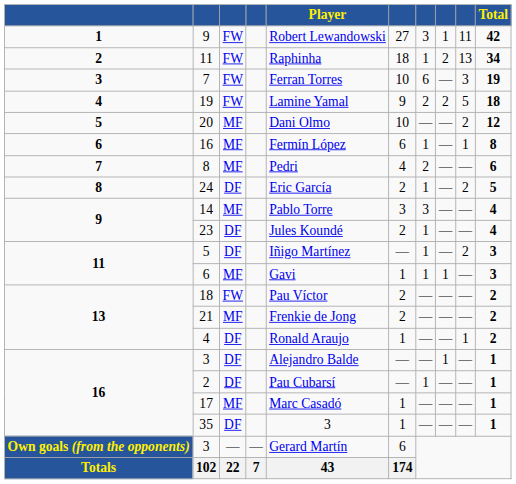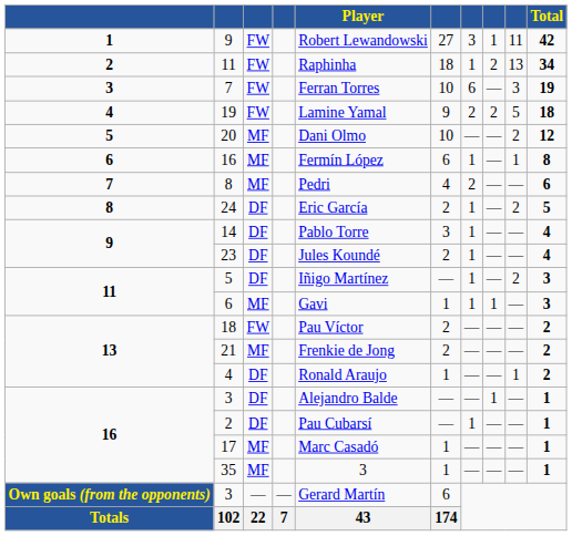 <table class="wikitable" style="text-align:center">
 <tr>
 <th style="background:#26559B;color:#FFF000;"></th>
 <th style="background:#26559B;color:#FFF000;"></th>
 <th style="background:#26559B;color:#FFF000;"></th>
 <th style="background:#26559B;color:#FFF000;"></th>
 <th style="background:#26559B;color:#FFF000;">Player</th>
 <th style="background:#26559B;color:#FFF000;"></th>
 <th style="background:#26559B;color:#FFF000;"></th>
 <th style="background:#26559B;color:#FFF000;"></th>
 <th style="background:#26559B;color:#FFF000;"></th>
 <th style="background:#26559B;color:#FFF000;">Total</th>
 </tr>
 <tr>
 <td><strong>1</strong></td>
 <td>9</td>
 <td><a href='#'>FW</a></td>
 <td></td>
 <td style="text-align:left"><a href='#'>Robert Lewandowski</a></td>
 <td>27</td>
 <td>3</td>
 <td>1</td>
 <td>11</td>
 <td><strong>42</strong></td>
 </tr>
 <tr>
 <td><strong>2</strong></td>
 <td>11</td>
 <td><a href='#'>FW</a></td>
 <td></td>
 <td style="text-align:left"><a href='#'>Raphinha</a></td>
 <td>18</td>
 <td>1</td>
 <td>2</td>
 <td>13</td>
 <td><strong>34</strong></td>
 </tr>
 <tr>
 <td rowspan=1><strong>3</strong></td>
 <td>7</td>
 <td><a href='#'>FW</a></td>
 <td></td>
 <td style="text-align:left"><a href='#'>Ferran Torres</a></td>
 <td>10</td>
 <td>6</td>
 <td>—</td>
 <td>3</td>
 <td><strong>19</strong></td>
 </tr>
 <tr>
 <td rowspan=1><strong>4</strong></td>
 <td>19</td>
 <td><a href='#'>FW</a></td>
 <td></td>
 <td style="text-align:left"><a href='#'>Lamine Yamal</a></td>
 <td>9</td>
 <td>2</td>
 <td>2</td>
 <td>5</td>
 <td><strong>18</strong></td>
 </tr>
 <tr>
 <td rowspan=1><strong>5</strong></td>
 <td>20</td>
 <td><a href='#'>MF</a></td>
 <td></td>
 <td style="text-align:left"><a href='#'>Dani Olmo</a></td>
 <td>10</td>
 <td>—</td>
 <td>—</td>
 <td>2</td>
 <td><strong>12</strong></td>
 </tr>
 <tr>
 <td rowspan=1><strong>6</strong></td>
 <td>16</td>
 <td><a href='#'>MF</a></td>
 <td></td>
 <td style="text-align:left"><a href='#'>Fermín López</a></td>
 <td>6</td>
 <td>1</td>
 <td>—</td>
 <td>1</td>
 <td><strong>8</strong></td>
 </tr>
 <tr>
 <td rowspan=1><strong>7</strong></td>
 <td>8</td>
 <td><a href='#'>MF</a></td>
 <td></td>
 <td style="text-align:left"><a href='#'>Pedri</a></td>
 <td>4</td>
 <td>2</td>
 <td>—</td>
 <td>—</td>
 <td><strong>6</strong></td>
 </tr>
 <tr>
 <td><strong>8</strong></td>
 <td>24</td>
 <td><a href='#'>DF</a></td>
 <td></td>
 <td style="text-align:left"><a href='#'>Eric García</a></td>
 <td>2</td>
 <td>1</td>
 <td>—</td>
 <td>2</td>
 <td><strong>5</strong></td>
 </tr>
 <tr>
 <td rowspan=2><strong>9</strong></td>
 <td>14</td>
-<td><a href='#'>MF</a></td>
+<td><a href='#'>DF</a></td>
 <td></td>
 <td style="text-align:left"><a href='#'>Pablo Torre</a></td>
 <td>3</td>
-<td>3</td>
+<td>1</td>
 <td>—</td>
 <td>—</td>
 <td><strong>4</strong></td>
 </tr>
 <tr>
 <td>23</td>
 <td><a href='#'>DF</a></td>
 <td></td>
 <td style="text-align:left"><a href='#'>Jules Koundé</a></td>
 <td>2</td>
 <td>1</td>
 <td>—</td>
 <td>—</td>
 <td><strong>4</strong></td>
 </tr>
 <tr>
 <td rowspan=2><strong>11</strong></td>
 <td>5</td>
 <td><a href='#'>DF</a></td>
 <td></td>
 <td style="text-align:left"><a href='#'>Iñigo Martínez</a></td>
 <td>—</td>
 <td>1</td>
 <td>—</td>
 <td>2</td>
 <td><strong>3</strong></td>
 </tr>
 <tr>
 <td>6</td>
 <td><a href='#'>MF</a></td>
 <td></td>
 <td style="text-align:left"><a href='#'>Gavi</a></td>
 <td>1</td>
 <td>1</td>
 <td>1</td>
 <td>—</td>
 <td><strong>3</strong></td>
 </tr>
 <tr>
 <td rowspan=3><strong>13</strong></td>
 <td>18</td>
 <td><a href='#'>FW</a></td>
 <td></td>
 <td style="text-align:left"><a href='#'>Pau Víctor</a></td>
 <td>2</td>
 <td>—</td>
 <td>—</td>
 <td>—</td>
 <td><strong>2</strong></td>
 </tr>
 <tr>
 <td>21</td>
 <td><a href='#'>MF</a></td>
 <td></td>
 <td style="text-align:left"><a href='#'>Frenkie de Jong</a></td>
 <td>2</td>
 <td>—</td>
 <td>—</td>
 <td>—</td>
 <td><strong>2</strong></td>
 </tr>
 <tr>
 <td>4</td>
 <td><a href='#'>DF</a></td>
 <td></td>
 <td style="text-align:left"><a href='#'>Ronald Araujo</a></td>
 <td>1</td>
 <td>—</td>
 <td>—</td>
 <td>1</td>
 <td><strong>2</strong></td>
 </tr>
 <tr>
 <td rowspan=4><strong>16</strong></td>
 <td>3</td>
 <td><a href='#'>DF</a></td>
 <td></td>
 <td style="text-align:left"><a href='#'>Alejandro Balde</a></td>
 <td>—</td>
 <td>—</td>
 <td>1</td>
 <td>—</td>
 <td><strong>1</strong></td>
 </tr>
 <tr>
 <td>2</td>
 <td><a href='#'>DF</a></td>
 <td></td>
 <td style="text-align:left"><a href='#'>Pau Cubarsí</a></td>
 <td>—</td>
 <td>1</td>
 <td>—</td>
 <td>—</td>
 <td><strong>1</strong></td>
 </tr>
 <tr>
 <td>17</td>
 <td><a href='#'>MF</a></td>
 <td></td>
 <td style="text-align:left"><a href='#'>Marc Casadó</a></td>
 <td>1</td>
 <td>—</td>
 <td>—</td>
 <td>—</td>
 <td><strong>1</strong></td>
 </tr>
 <tr>
 <td>35</td>
-<td><a href='#'>DF</a></td>
+<td><a href='#'>MF</a></td>
 <td></td>
 <td>3</td>
 <td>1</td>
 <td>—</td>
 <td>—</td>
 <td>—</td>
 <td><strong>1</strong></td>
 </tr>
 <tr>
 <td style="background:#26559B; color:#FFF000; "><strong>Own goals <em>(from the opponents)<strong><em></td>
 <td>3</td>
 <td>—</td>
 <td>—</td>
 <td style="text-align:left"><a href='#'>Gerard Martín</a></td>
 <td></strong>6<strong></td>
 </tr>
 <tr>
 <th style="background:#26559B; color:#FFF000; ">Totals</th>
 <th>102</th>
 <th>22</th>
 <th>7</th>
 <th>43</th>
 <th>174</th>
 </tr>
 </table>
